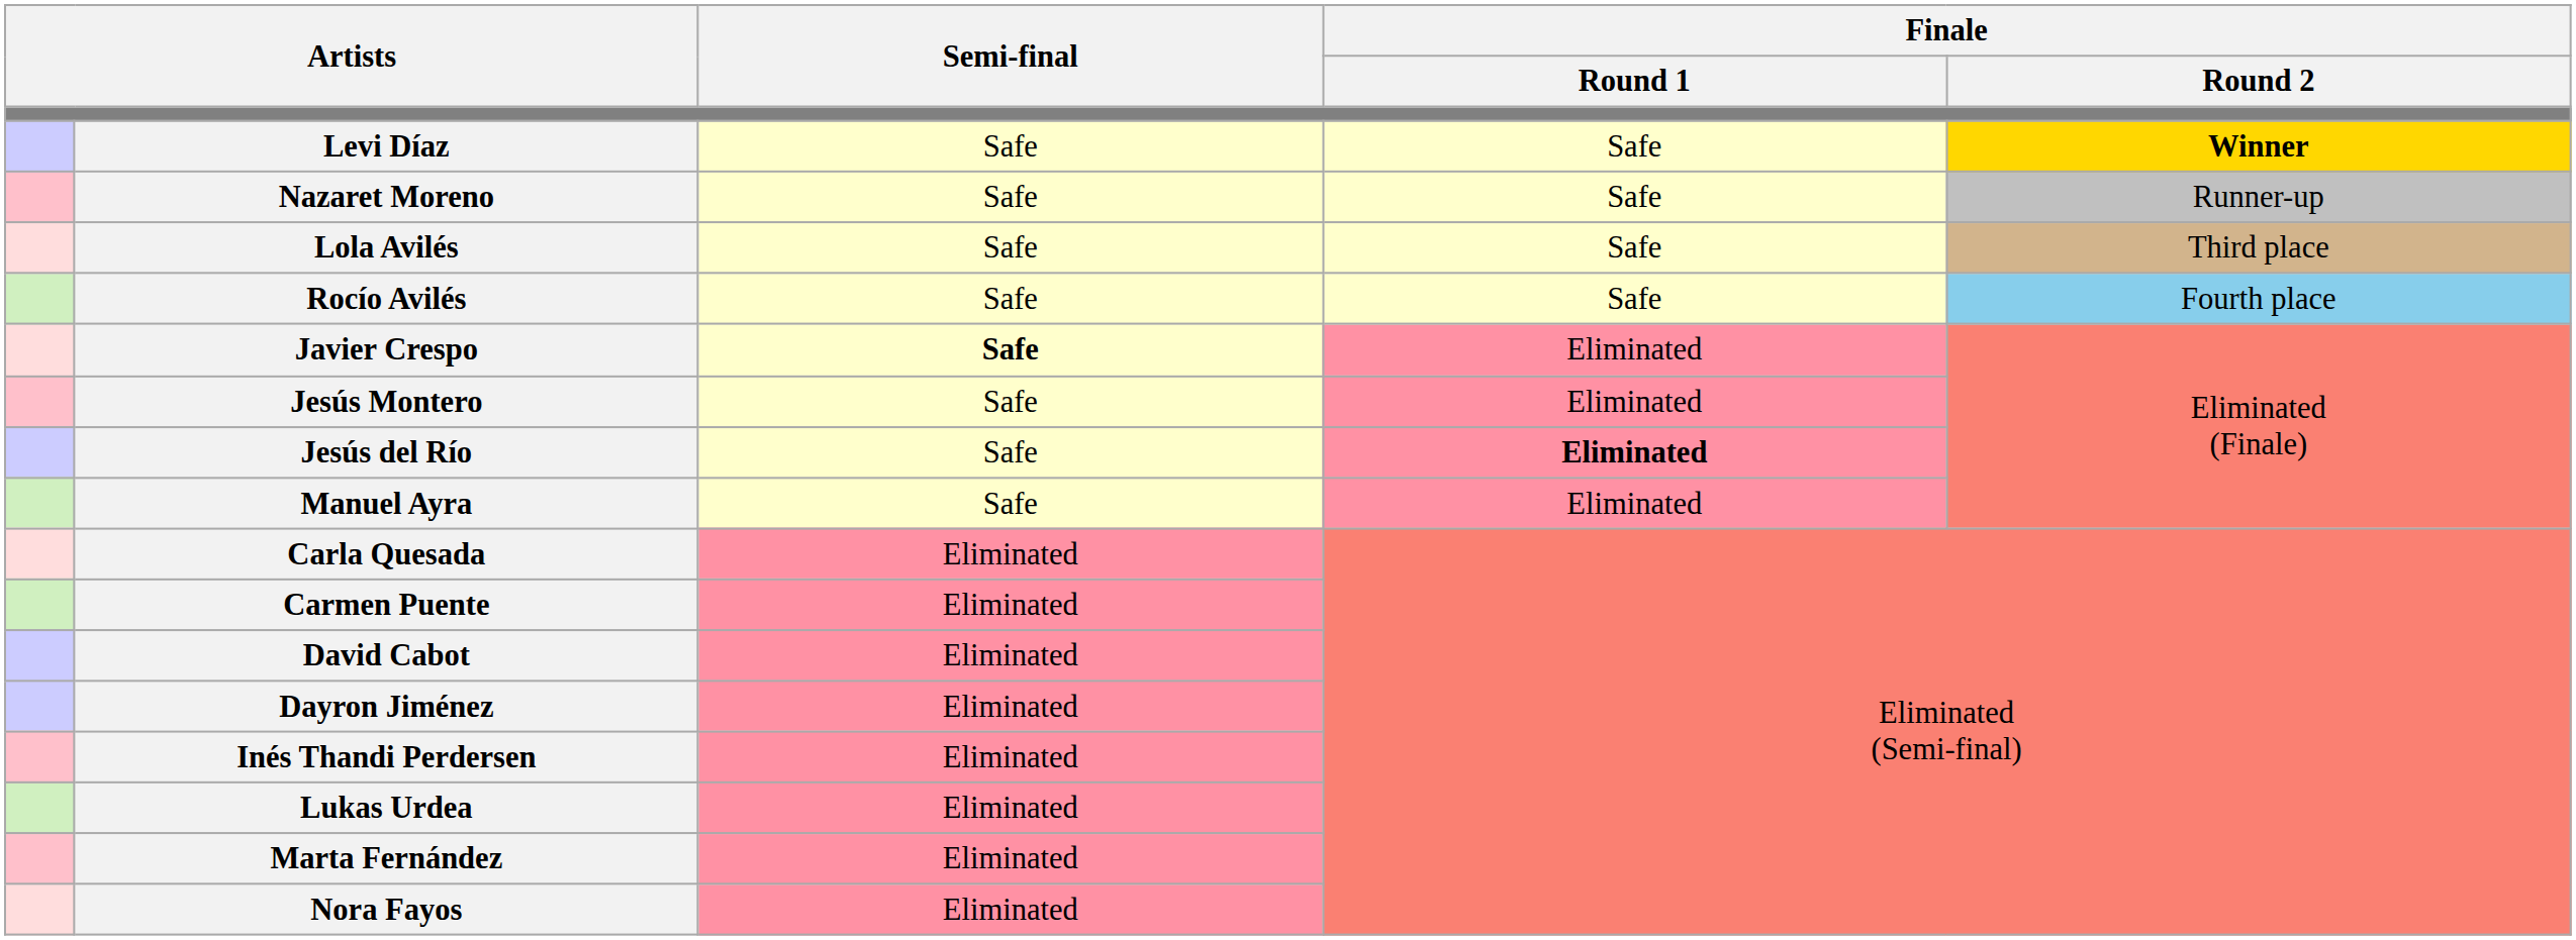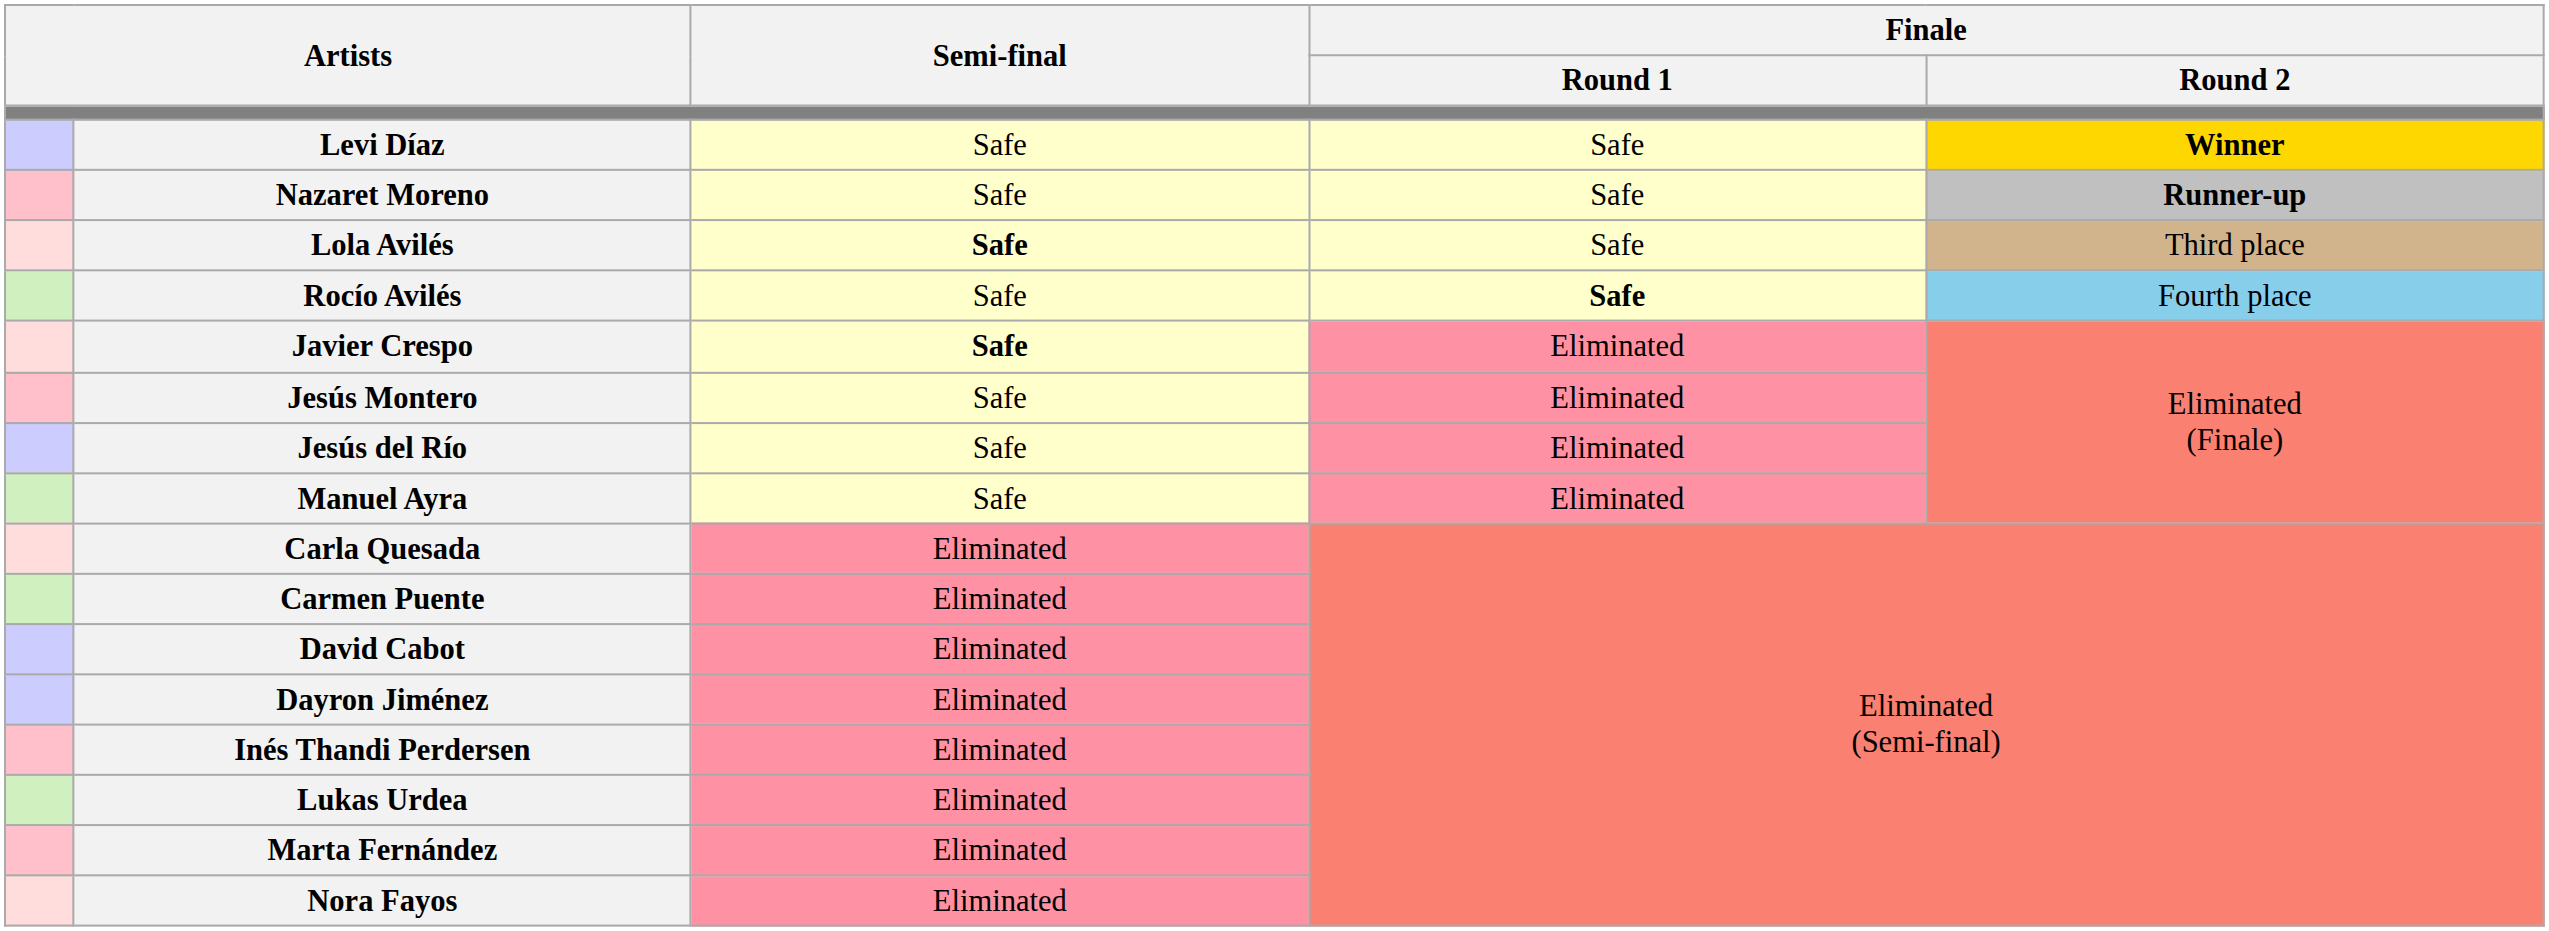 <table class="wikitable" style="text-align:center; font-size:95%; width:100%">
 <tr>
 <th rowspan="2" colspan="2" style="width:20%">Artists</th>
 <th rowspan="2" style="width:18%">Semi-final</th>
 <th colspan="2" style="width:36%">Finale</th>
 </tr>
 <tr>
 <th style="width:18%">Round 1</th>
 <th style="width:18%">Round 2</th>
 </tr>
 <tr>
 <th colspan="6" style="background:gray"></th>
 </tr>
 <tr>
 <td style="background:#ccccff"></td>
 <th>Levi Díaz</th>
 <td style="background:#FFFFCC">Safe</td>
 <td style="background:#FFFFCC">Safe</td>
 <td style="background:gold"><strong>Winner</strong></td>
 </tr>
 <tr>
 <td style="background:pink"></td>
 <th>Nazaret Moreno</th>
 <td style="background:#FFFFCC">Safe</td>
 <td style="background:#FFFFCC">Safe</td>
-<td style="background:silver">Runner-up</td>
+<td style="background:silver"><strong>Runner-up</strong></td>
 </tr>
 <tr>
 <td style="background:#ffdddd"></td>
 <th>Lola Avilés</th>
-<td style="background:#FFFFCC">Safe</td>
+<td style="background:#FFFFCC"><strong>Safe</strong></td>
 <td style="background:#FFFFCC">Safe</td>
 <td style="background:tan">Third place</td>
 </tr>
 <tr>
 <td style="background:#d0f0c0; width:2%"></td>
 <th style="width:18%">Rocío Avilés</th>
 <td style="background:#FFFFCC">Safe</td>
-<td style="background:#FFFFCC">Safe</td>
+<td style="background:#FFFFCC"><strong>Safe</strong></td>
 <td style="background:skyblue">Fourth place</td>
 </tr>
 <tr>
 <td style="background:#ffdddd"></td>
 <th>Javier Crespo</th>
 <td style="background:#FFFFCC"><strong>Safe</strong></td>
 <td style="background:#FF91A4">Eliminated</td>
 <td style="background:salmon" colspan="2" rowspan="4">Eliminated<br>(Finale)</td>
 </tr>
 <tr>
 <td style="background:pink"></td>
 <th>Jesús Montero</th>
 <td style="background:#FFFFCC">Safe</td>
 <td style="background:#FF91A4">Eliminated</td>
 </tr>
 <tr>
 <td style="background:#ccccff"></td>
 <th>Jesús del Río</th>
 <td style="background:#FFFFCC">Safe</td>
-<td style="background:#FF91A4"><strong>Eliminated</strong></td>
+<td style="background:#FF91A4">Eliminated</td>
 </tr>
 <tr>
 <td style="background:#d0f0c0"></td>
 <th>Manuel Ayra</th>
 <td style="background:#FFFFCC">Safe</td>
 <td style="background:#FF91A4">Eliminated</td>
 </tr>
 <tr>
 <td style="background:#ffdddd"></td>
 <th>Carla Quesada</th>
 <td style="background:#FF91A4">Eliminated</td>
 <td rowspan="8" colspan="2" style="background:salmon">Eliminated<br>(Semi-final)</td>
 </tr>
 <tr>
 <td style="background:#d0f0c0"></td>
 <th>Carmen Puente</th>
 <td style="background:#FF91A4">Eliminated</td>
 </tr>
 <tr>
 <td style="background:#ccccff"></td>
 <th>David Cabot</th>
 <td style="background:#FF91A4">Eliminated</td>
 </tr>
 <tr>
 <td style="background:#ccccff"></td>
 <th>Dayron Jiménez</th>
 <td style="background:#FF91A4">Eliminated</td>
 </tr>
 <tr>
 <td style="background:pink"></td>
 <th>Inés Thandi Perdersen</th>
 <td style="background:#FF91A4">Eliminated</td>
 </tr>
 <tr>
 <td style="background:#d0f0c0"></td>
 <th>Lukas Urdea</th>
 <td style="background:#FF91A4">Eliminated</td>
 </tr>
 <tr>
 <td style="background:pink"></td>
 <th>Marta Fernández</th>
 <td style="background:#FF91A4">Eliminated</td>
 </tr>
 <tr>
 <td style="background:#ffdddd"></td>
 <th>Nora Fayos</th>
 <td style="background:#FF91A4">Eliminated</td>
 </tr>
 </table>
